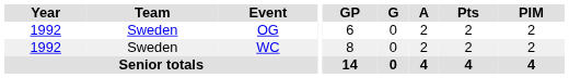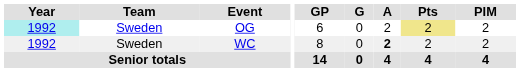 <table border="0" cellpadding="1" cellspacing="0" ID="Table3" style="text-align:center; width:40em">
 <tr ALIGN="center" bgcolor="#e0e0e0">
 <th>Year</th>
 <th>Team</th>
 <th>Event</th>
 <th rowspan="99" bgcolor="#ffffff"></th>
 <th>GP</th>
 <th>G</th>
 <th>A</th>
 <th>Pts</th>
 <th>PIM</th>
 </tr>
 <tr>
-<td><a href='#'>1992</a></td>
+<td style="background: paleturquoise;"><a href='#'>1992</a></td>
 <td><a href='#'>Sweden</a></td>
 <td><a href='#'>OG</a></td>
 <td>6</td>
 <td>0</td>
 <td>2</td>
-<td>2</td>
+<td style="background: khaki;">2</td>
 <td>2</td>
 </tr>
 <tr bgcolor="#f0f0f0">
 <td><a href='#'>1992</a></td>
 <td>Sweden</td>
 <td><a href='#'>WC</a></td>
 <td>8</td>
 <td>0</td>
-<td>2</td>
+<td><strong>2</strong></td>
 <td>2</td>
 <td>2</td>
 </tr>
 <tr bgcolor="#e0e0e0">
 <th colspan="3">Senior totals</th>
 <th>14</th>
 <th>0</th>
 <th>4</th>
 <th>4</th>
 <th>4</th>
 </tr>
 </table>
